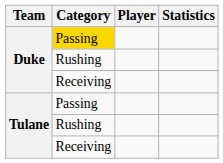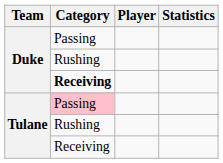 <table class="wikitable" style="float:right">
 <tr>
 <th>Team</th>
 <th>Category</th>
 <th>Player</th>
 <th>Statistics</th>
 </tr>
 <tr>
 <th rowspan=3>Duke</th>
-<td style="background: gold;">Passing</td>
+<td>Passing</td>
 <td></td>
 <td></td>
 </tr>
 <tr>
 <td>Rushing</td>
 <td></td>
 <td></td>
 </tr>
 <tr>
-<td>Receiving</td>
+<td><strong>Receiving</strong></td>
 <td></td>
 <td></td>
 </tr>
 <tr>
 <th rowspan=3>Tulane</th>
-<td>Passing</td>
+<td style="background: pink;">Passing</td>
 <td></td>
 <td></td>
 </tr>
 <tr>
 <td>Rushing</td>
 <td></td>
 <td></td>
 </tr>
 <tr>
 <td>Receiving</td>
 <td></td>
 <td></td>
 </tr>
 </table>
